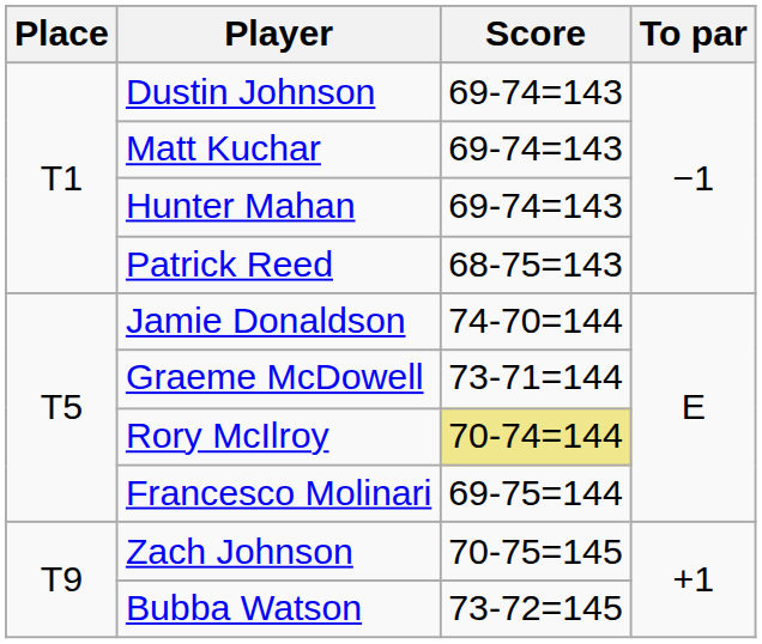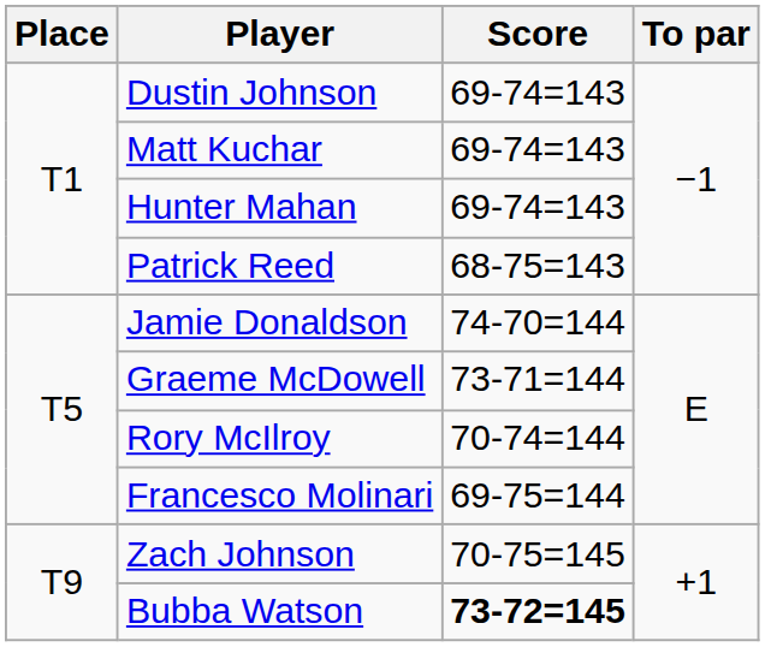 <table class="wikitable">
 <tr>
 <th>Place</th>
 <th>Player</th>
 <th>Score</th>
 <th>To par</th>
 </tr>
 <tr>
 <td align=center rowspan=4>T1</td>
 <td> <a href='#'>Dustin Johnson</a></td>
 <td>69-74=143</td>
 <td align=center rowspan=4>−1</td>
 </tr>
 <tr>
 <td> <a href='#'>Matt Kuchar</a></td>
 <td>69-74=143</td>
 </tr>
 <tr>
 <td> <a href='#'>Hunter Mahan</a></td>
 <td>69-74=143</td>
 </tr>
 <tr>
 <td> <a href='#'>Patrick Reed</a></td>
 <td>68-75=143</td>
 </tr>
 <tr>
 <td align=center rowspan=4>T5</td>
 <td> <a href='#'>Jamie Donaldson</a></td>
 <td>74-70=144</td>
 <td align=center rowspan=4>E</td>
 </tr>
 <tr>
 <td> <a href='#'>Graeme McDowell</a></td>
 <td>73-71=144</td>
 </tr>
 <tr>
 <td> <a href='#'>Rory McIlroy</a></td>
-<td style="background: khaki;">70-74=144</td>
+<td>70-74=144</td>
 </tr>
 <tr>
 <td> <a href='#'>Francesco Molinari</a></td>
 <td>69-75=144</td>
 </tr>
 <tr>
 <td align=center rowspan=2>T9</td>
 <td> <a href='#'>Zach Johnson</a></td>
 <td>70-75=145</td>
 <td align=center rowspan=2>+1</td>
 </tr>
 <tr>
 <td> <a href='#'>Bubba Watson</a></td>
-<td>73-72=145</td>
+<td><strong>73-72=145</strong></td>
 </tr>
 </table>
